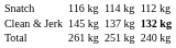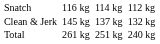 <table>
 <tr>
 <td>Snatch</td>
 <td></td>
 <td>116 kg</td>
 <td></td>
 <td>114 kg</td>
 <td></td>
 <td>112 kg</td>
 </tr>
 <tr>
 <td>Clean & Jerk</td>
 <td></td>
 <td>145 kg</td>
 <td></td>
 <td>137 kg</td>
 <td></td>
-<td><strong>132 kg</strong></td>
+<td>132 kg</td>
 </tr>
 <tr>
 <td>Total</td>
 <td></td>
 <td>261 kg</td>
 <td></td>
 <td>251 kg</td>
 <td></td>
 <td>240 kg</td>
 </tr>
 </table>
